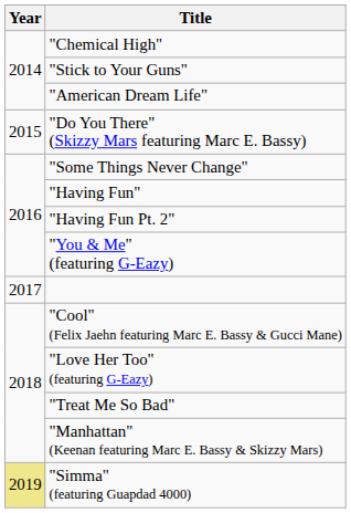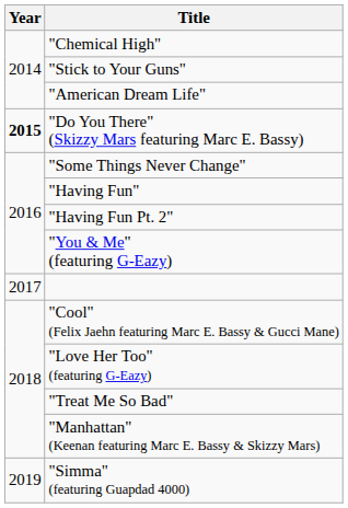 <table class="wikitable">
 <tr>
 <th>Year</th>
 <th>Title</th>
 </tr>
 <tr>
 <td rowspan="3">2014</td>
 <td>"Chemical High"</td>
 </tr>
 <tr>
 <td>"Stick to Your Guns"</td>
 </tr>
 <tr>
 <td>"American Dream Life"</td>
 </tr>
 <tr>
-<td>2015</td>
+<td><strong>2015</strong></td>
 <td>"Do You There"<br><span>(<a href='#'>Skizzy Mars</a> featuring Marc E. Bassy)</span></td>
 </tr>
 <tr>
 <td rowspan="4">2016</td>
 <td>"Some Things Never Change"</td>
 </tr>
 <tr>
 <td>"Having Fun"</td>
 </tr>
 <tr>
 <td>"Having Fun Pt. 2"</td>
 </tr>
 <tr>
 <td>"<a href='#'>You & Me</a>"<br><span>(featuring <a href='#'>G-Eazy</a>)</span></td>
 </tr>
 <tr>
 <td>2017</td>
 <td></td>
 </tr>
 <tr>
 <td rowspan="4">2018</td>
 <td>"Cool"<br><small>(Felix Jaehn featuring Marc E. Bassy & Gucci Mane)</small></td>
 </tr>
 <tr>
 <td>"Love Her Too"<br><small>(featuring <a href='#'>G-Eazy</a>)</small></td>
 </tr>
 <tr>
 <td>"Treat Me So Bad"</td>
 </tr>
 <tr>
 <td>"Manhattan"<br><small>(Keenan featuring Marc E. Bassy & Skizzy Mars)</small></td>
 </tr>
 <tr>
-<td style="background: khaki;">2019</td>
+<td>2019</td>
 <td>"Simma"<br><small>(featuring Guapdad 4000)</small></td>
 </tr>
 </table>
